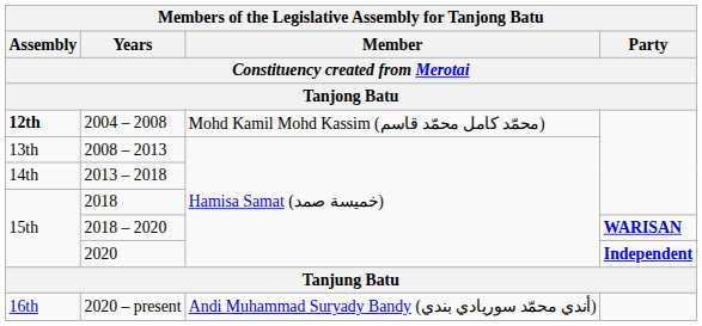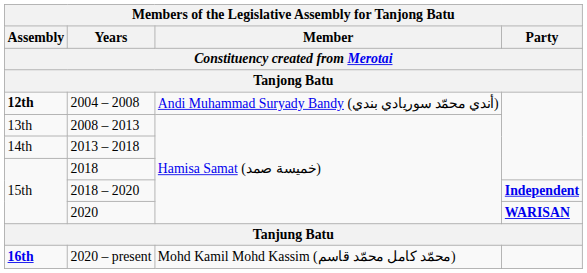 <table class="wikitable">
 <tr>
 <th colspan="4">Members of the Legislative Assembly for Tanjong Batu</th>
 </tr>
 <tr>
 <th>Assembly</th>
 <th>Years</th>
 <th>Member</th>
 <th>Party</th>
 </tr>
 <tr>
 <th colspan="4" align="center"><em>Constituency created from <a href='#'>Merotai</a></em></th>
 </tr>
 <tr>
 <th colspan="4">Tanjong Batu</th>
 </tr>
 <tr>
 <td><strong>12th</strong></td>
 <td>2004 – 2008</td>
-<td>Mohd Kamil Mohd Kassim (محمّد كامل محمّد قاسم)</td>
+<td><a href='#'>Andi Muhammad Suryady Bandy</a> (أندي محمّد سوريادي بندي)</td>
 <td rowspan="4"></td>
 </tr>
 <tr>
 <td>13th</td>
 <td>2008 – 2013</td>
 <td rowspan="5"><a href='#'>Hamisa Samat</a> (خميسة صمد)</td>
 </tr>
 <tr>
 <td>14th</td>
 <td>2013 – 2018</td>
 </tr>
 <tr>
 <td rowspan="3">15th</td>
 <td>2018</td>
 </tr>
 <tr>
 <td>2018 – 2020</td>
-<td><strong><a href='#'>WARISAN</a></strong></td>
+<td><strong><a href='#'>Independent</a></strong></td>
 </tr>
 <tr>
 <td>2020</td>
-<td><strong><a href='#'>Independent</a></strong></td>
+<td><strong><a href='#'>WARISAN</a></strong></td>
 </tr>
 <tr>
 <th colspan="4">Tanjung Batu</th>
 </tr>
 <tr>
-<td><a href='#'>16th</a></td>
+<td><strong><a href='#'>16th</a></strong></td>
 <td>2020 – present</td>
-<td><a href='#'>Andi Muhammad Suryady Bandy</a> (أندي محمّد سوريادي بندي)</td>
+<td>Mohd Kamil Mohd Kassim (محمّد كامل محمّد قاسم)</td>
 <td></td>
 </tr>
 </table>
